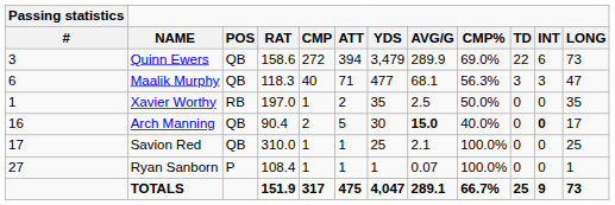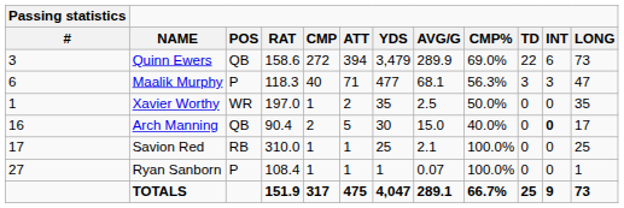 <table class="wikitable">
 <tr>
 <th style="text-align:center; ">Passing statistics</th>
 </tr>
 <tr>
 <th>#</th>
 <th>NAME</th>
 <th>POS</th>
 <th>RAT</th>
 <th>CMP</th>
 <th>ATT</th>
 <th>YDS</th>
 <th>AVG/G</th>
 <th>CMP%</th>
 <th>TD</th>
 <th>INT</th>
 <th>LONG</th>
 </tr>
 <tr>
 <td>3</td>
 <td><a href='#'>Quinn Ewers</a></td>
 <td>QB</td>
 <td>158.6</td>
 <td>272</td>
 <td>394</td>
 <td>3,479</td>
 <td>289.9</td>
 <td>69.0%</td>
 <td>22</td>
 <td>6</td>
 <td>73</td>
 </tr>
 <tr>
 <td>6</td>
 <td><a href='#'>Maalik Murphy</a></td>
-<td>QB</td>
+<td>P</td>
 <td>118.3</td>
 <td>40</td>
 <td>71</td>
 <td>477</td>
 <td>68.1</td>
 <td>56.3%</td>
 <td>3</td>
 <td>3</td>
 <td>47</td>
 </tr>
 <tr>
 <td>1</td>
 <td><a href='#'>Xavier Worthy</a></td>
-<td>RB</td>
+<td>WR</td>
 <td>197.0</td>
 <td>1</td>
 <td>2</td>
 <td>35</td>
 <td>2.5</td>
 <td>50.0%</td>
 <td>0</td>
 <td>0</td>
 <td>35</td>
 </tr>
 <tr>
 <td>16</td>
 <td><a href='#'>Arch Manning</a></td>
 <td>QB</td>
 <td>90.4</td>
 <td>2</td>
 <td>5</td>
 <td>30</td>
-<td><strong>15.0</strong></td>
+<td>15.0</td>
 <td>40.0%</td>
 <td>0</td>
 <td><strong>0</strong></td>
 <td>17</td>
 </tr>
 <tr>
 <td>17</td>
 <td>Savion Red</td>
-<td>QB</td>
+<td>RB</td>
 <td>310.0</td>
 <td>1</td>
 <td>1</td>
 <td>25</td>
 <td>2.1</td>
 <td>100.0%</td>
 <td>0</td>
 <td>0</td>
 <td>25</td>
 </tr>
 <tr>
 <td>27</td>
 <td>Ryan Sanborn</td>
 <td>P</td>
 <td>108.4</td>
 <td>1</td>
 <td>1</td>
 <td>1</td>
 <td>0.07</td>
 <td>100.0%</td>
 <td>0</td>
 <td>0</td>
 <td>1</td>
 </tr>
 <tr>
 <td></td>
 <td><strong>TOTALS</strong></td>
 <td></td>
 <td><strong>151.9</strong></td>
 <td><strong>317</strong></td>
 <td><strong>475</strong></td>
 <td><strong>4,047</strong></td>
 <td><strong>289.1</strong></td>
 <td><strong>66.7%</strong></td>
 <td><strong>25</strong></td>
 <td><strong>9</strong></td>
 <td><strong>73</strong></td>
 </tr>
 </table>
